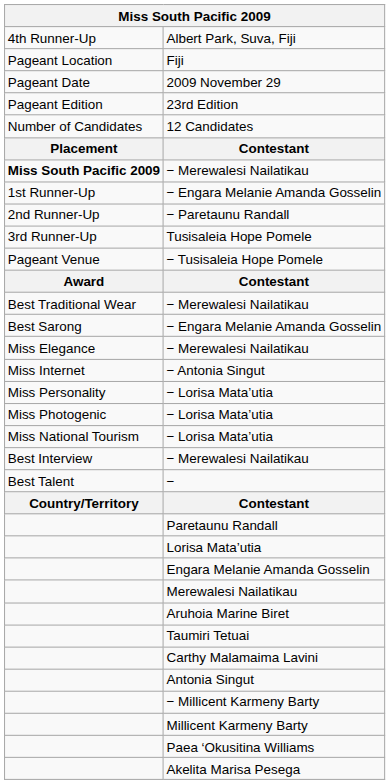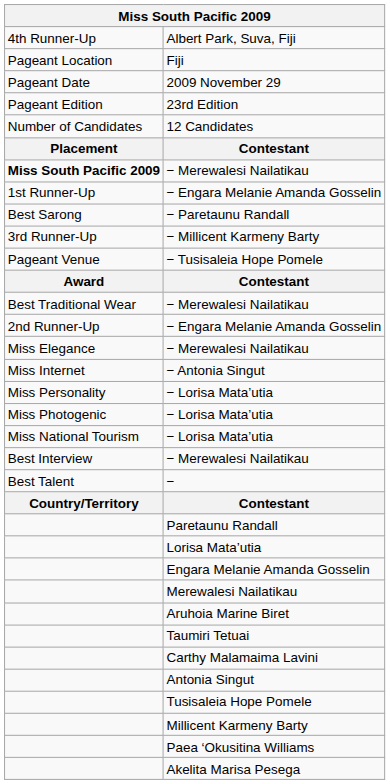 <table class="wikitable sortable" style="font-size: 80%;">
 <tr>
 <th colspan="2"><strong>Miss South Pacific 2009</strong></th>
 </tr>
 <tr>
 <td>4th Runner-Up</td>
 <td>Albert Park, Suva, Fiji</td>
 </tr>
 <tr>
 <td>Pageant Location</td>
 <td>Fiji</td>
 </tr>
 <tr>
 <td>Pageant Date</td>
 <td>2009 November 29</td>
 </tr>
 <tr>
 <td>Pageant Edition</td>
 <td>23rd Edition</td>
 </tr>
 <tr>
 <td>Number of Candidates</td>
 <td>12 Candidates</td>
 </tr>
 <tr>
 <th>Placement</th>
 <th>Contestant</th>
 </tr>
 <tr>
 <td><strong>Miss South Pacific 2009</strong></td>
 <td> − Merewalesi Nailatikau</td>
 </tr>
 <tr>
 <td>1st Runner-Up</td>
 <td> − Engara Melanie Amanda Gosselin</td>
 </tr>
 <tr>
-<td>2nd Runner-Up</td>
+<td>Best Sarong</td>
 <td> − Paretaunu Randall</td>
 </tr>
 <tr>
 <td>3rd Runner-Up</td>
-<td>Tusisaleia Hope Pomele</td>
+<td> − Millicent Karmeny Barty</td>
 </tr>
 <tr>
 <td>Pageant Venue</td>
 <td> − Tusisaleia Hope Pomele</td>
 </tr>
 <tr>
 <th>Award</th>
 <th>Contestant</th>
 </tr>
 <tr>
 <td>Best Traditional Wear</td>
 <td> − Merewalesi Nailatikau</td>
 </tr>
 <tr>
-<td>Best Sarong</td>
+<td>2nd Runner-Up</td>
 <td> − Engara Melanie Amanda Gosselin</td>
 </tr>
 <tr>
 <td>Miss Elegance</td>
 <td> − Merewalesi Nailatikau</td>
 </tr>
 <tr>
 <td>Miss Internet</td>
 <td> − Antonia Singut</td>
 </tr>
 <tr>
 <td>Miss Personality</td>
 <td> − Lorisa Mata’utia</td>
 </tr>
 <tr>
 <td>Miss Photogenic</td>
 <td> − Lorisa Mata’utia</td>
 </tr>
 <tr>
 <td>Miss National Tourism</td>
 <td> − Lorisa Mata’utia</td>
 </tr>
 <tr>
 <td>Best Interview</td>
 <td> − Merewalesi Nailatikau</td>
 </tr>
 <tr>
 <td>Best Talent</td>
 <td> −</td>
 </tr>
 <tr>
 <th><strong>Country/Territory</strong></th>
 <th>Contestant</th>
 </tr>
 <tr>
 <td></td>
 <td>Paretaunu Randall</td>
 </tr>
 <tr>
 <td></td>
 <td>Lorisa Mata’utia</td>
 </tr>
 <tr>
 <td></td>
 <td>Engara Melanie Amanda Gosselin</td>
 </tr>
 <tr>
 <td></td>
 <td>Merewalesi Nailatikau</td>
 </tr>
 <tr>
 <td></td>
 <td>Aruhoia Marine Biret</td>
 </tr>
 <tr>
 <td></td>
 <td>Taumiri Tetuai</td>
 </tr>
 <tr>
 <td></td>
 <td>Carthy Malamaima Lavini</td>
 </tr>
 <tr>
 <td></td>
 <td>Antonia Singut</td>
 </tr>
 <tr>
 <td></td>
-<td> − Millicent Karmeny Barty</td>
+<td>Tusisaleia Hope Pomele</td>
 </tr>
 <tr>
 <td></td>
 <td>Millicent Karmeny Barty</td>
 </tr>
 <tr>
 <td></td>
 <td>Paea ‘Okusitina Williams</td>
 </tr>
 <tr>
 <td></td>
 <td>Akelita Marisa Pesega</td>
 </tr>
 </table>
